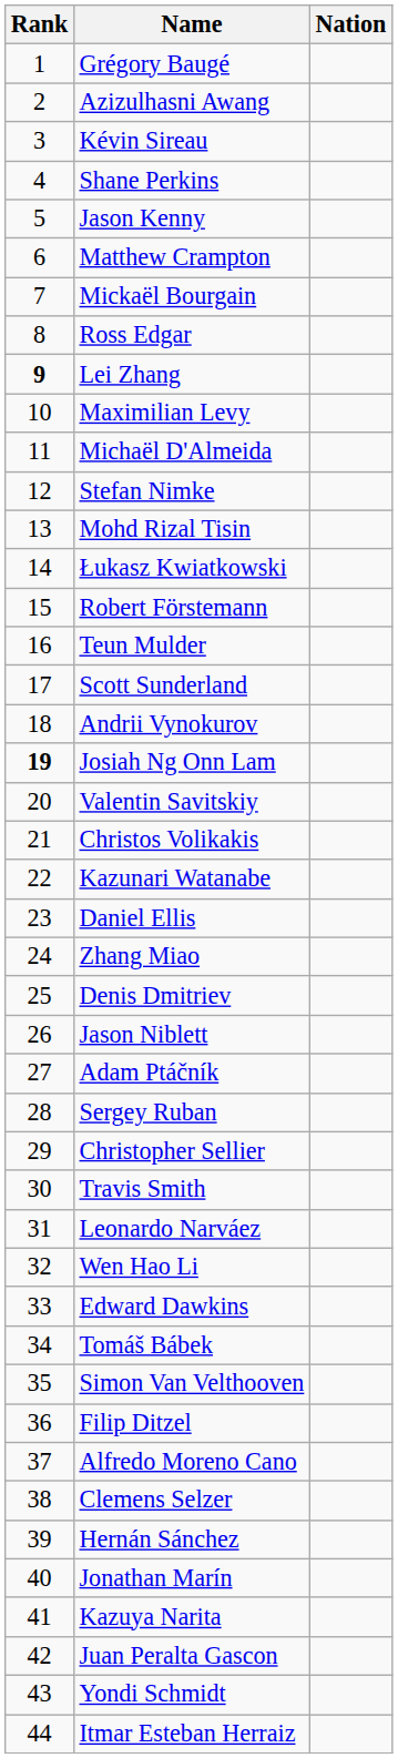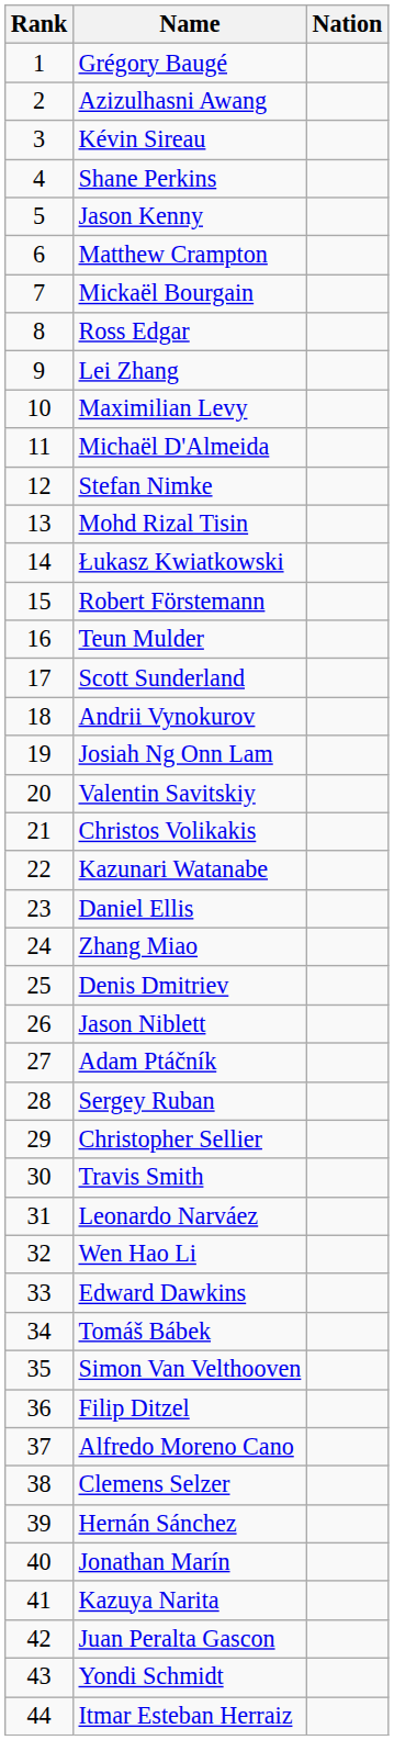 <table class=wikitable sortable style=text-align:center>
 <tr>
 <th>Rank</th>
 <th>Name</th>
 <th>Nation</th>
 </tr>
 <tr>
 <td>1</td>
 <td align=left><a href='#'>Grégory Baugé</a></td>
 <td align=left></td>
 </tr>
 <tr>
 <td>2</td>
 <td align=left><a href='#'>Azizulhasni Awang</a></td>
 <td align=left></td>
 </tr>
 <tr>
 <td>3</td>
 <td align=left><a href='#'>Kévin Sireau</a></td>
 <td align=left></td>
 </tr>
 <tr>
 <td>4</td>
 <td align=left><a href='#'>Shane Perkins</a></td>
 <td align=left></td>
 </tr>
 <tr>
 <td>5</td>
 <td align=left><a href='#'>Jason Kenny</a></td>
 <td align=left></td>
 </tr>
 <tr>
 <td>6</td>
 <td align=left><a href='#'>Matthew Crampton</a></td>
 <td align=left></td>
 </tr>
 <tr>
 <td>7</td>
 <td align=left><a href='#'>Mickaël Bourgain</a></td>
 <td align=left></td>
 </tr>
 <tr>
 <td>8</td>
 <td align=left><a href='#'>Ross Edgar</a></td>
 <td align=left></td>
 </tr>
 <tr>
-<td><strong>9</strong></td>
+<td>9</td>
 <td align=left><a href='#'>Lei Zhang</a></td>
 <td align=left></td>
 </tr>
 <tr>
 <td>10</td>
 <td align=left><a href='#'>Maximilian Levy</a></td>
 <td align=left></td>
 </tr>
 <tr>
 <td>11</td>
 <td align=left><a href='#'>Michaël D'Almeida</a></td>
 <td align=left></td>
 </tr>
 <tr>
 <td>12</td>
 <td align=left><a href='#'>Stefan Nimke</a></td>
 <td align=left></td>
 </tr>
 <tr>
 <td>13</td>
 <td align=left><a href='#'>Mohd Rizal Tisin</a></td>
 <td align=left></td>
 </tr>
 <tr>
 <td>14</td>
 <td align=left><a href='#'>Łukasz Kwiatkowski</a></td>
 <td align=left></td>
 </tr>
 <tr>
 <td>15</td>
 <td align=left><a href='#'>Robert Förstemann</a></td>
 <td align=left></td>
 </tr>
 <tr>
 <td>16</td>
 <td align=left><a href='#'>Teun Mulder</a></td>
 <td align=left></td>
 </tr>
 <tr>
 <td>17</td>
 <td align=left><a href='#'>Scott Sunderland</a></td>
 <td align=left></td>
 </tr>
 <tr>
 <td>18</td>
 <td align=left><a href='#'>Andrii Vynokurov</a></td>
 <td align=left></td>
 </tr>
 <tr>
-<td><strong>19</strong></td>
+<td>19</td>
 <td align=left><a href='#'>Josiah Ng Onn Lam</a></td>
 <td align=left></td>
 </tr>
 <tr>
 <td>20</td>
 <td align=left><a href='#'>Valentin Savitskiy</a></td>
 <td align=left></td>
 </tr>
 <tr>
 <td>21</td>
 <td align=left><a href='#'>Christos Volikakis</a></td>
 <td align=left></td>
 </tr>
 <tr>
 <td>22</td>
 <td align=left><a href='#'>Kazunari Watanabe</a></td>
 <td align=left></td>
 </tr>
 <tr>
 <td>23</td>
 <td align=left><a href='#'>Daniel Ellis</a></td>
 <td align=left></td>
 </tr>
 <tr>
 <td>24</td>
 <td align=left><a href='#'>Zhang Miao</a></td>
 <td align=left></td>
 </tr>
 <tr>
 <td>25</td>
 <td align=left><a href='#'>Denis Dmitriev</a></td>
 <td align=left></td>
 </tr>
 <tr>
 <td>26</td>
 <td align=left><a href='#'>Jason Niblett</a></td>
 <td align=left></td>
 </tr>
 <tr>
 <td>27</td>
 <td align=left><a href='#'>Adam Ptáčník</a></td>
 <td align=left></td>
 </tr>
 <tr>
 <td>28</td>
 <td align=left><a href='#'>Sergey Ruban</a></td>
 <td align=left></td>
 </tr>
 <tr>
 <td>29</td>
 <td align=left><a href='#'>Christopher Sellier</a></td>
 <td align=left></td>
 </tr>
 <tr>
 <td>30</td>
 <td align=left><a href='#'>Travis Smith</a></td>
 <td align=left></td>
 </tr>
 <tr>
 <td>31</td>
 <td align=left><a href='#'>Leonardo Narváez</a></td>
 <td align=left></td>
 </tr>
 <tr>
 <td>32</td>
 <td align=left><a href='#'>Wen Hao Li</a></td>
 <td align=left></td>
 </tr>
 <tr>
 <td>33</td>
 <td align=left><a href='#'>Edward Dawkins</a></td>
 <td align=left></td>
 </tr>
 <tr>
 <td>34</td>
 <td align=left><a href='#'>Tomáš Bábek</a></td>
 <td align=left></td>
 </tr>
 <tr>
 <td>35</td>
 <td align=left><a href='#'>Simon Van Velthooven</a></td>
 <td align=left></td>
 </tr>
 <tr>
 <td>36</td>
 <td align=left><a href='#'>Filip Ditzel</a></td>
 <td align=left></td>
 </tr>
 <tr>
 <td>37</td>
 <td align=left><a href='#'>Alfredo Moreno Cano</a></td>
 <td align=left></td>
 </tr>
 <tr>
 <td>38</td>
 <td align=left><a href='#'>Clemens Selzer</a></td>
 <td align=left></td>
 </tr>
 <tr>
 <td>39</td>
 <td align=left><a href='#'>Hernán Sánchez</a></td>
 <td align=left></td>
 </tr>
 <tr>
 <td>40</td>
 <td align=left><a href='#'>Jonathan Marín</a></td>
 <td align=left></td>
 </tr>
 <tr>
 <td>41</td>
 <td align=left><a href='#'>Kazuya Narita</a></td>
 <td align=left></td>
 </tr>
 <tr>
 <td>42</td>
 <td align=left><a href='#'>Juan Peralta Gascon</a></td>
 <td align=left></td>
 </tr>
 <tr>
 <td>43</td>
 <td align=left><a href='#'>Yondi Schmidt</a></td>
 <td align=left></td>
 </tr>
 <tr>
 <td>44</td>
 <td align=left><a href='#'>Itmar Esteban Herraiz</a></td>
 <td align=left></td>
 </tr>
 </table>
